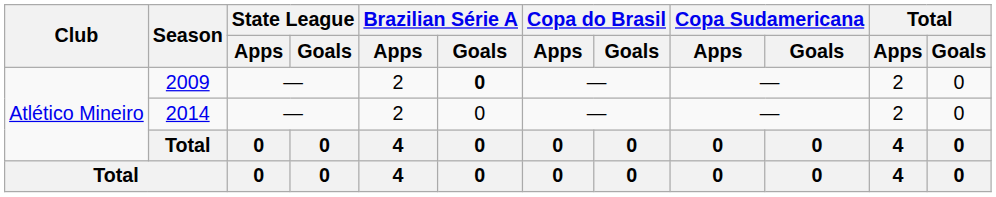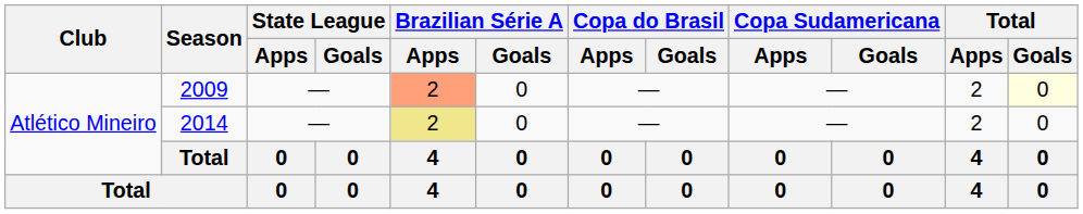 <table class="wikitable" style="text-align: center;">
 <tr>
 <th rowspan="2">Club</th>
 <th rowspan="2">Season</th>
 <th colspan="2">State League</th>
 <th colspan="2"><a href='#'>Brazilian Série A</a></th>
 <th colspan="2"><a href='#'>Copa do Brasil</a></th>
 <th colspan="2"><a href='#'>Copa Sudamericana</a></th>
 <th colspan="2">Total</th>
 </tr>
 <tr>
 <th>Apps</th>
 <th>Goals</th>
 <th>Apps</th>
 <th>Goals</th>
 <th>Apps</th>
 <th>Goals</th>
 <th>Apps</th>
 <th>Goals</th>
 <th>Apps</th>
 <th>Goals</th>
 </tr>
 <tr>
 <td rowspan="3" valign="center"><a href='#'>Atlético Mineiro</a></td>
 <td><a href='#'>2009</a></td>
 <td colspan="2">—</td>
-<td>2</td>
-<td><strong>0</strong></td>
+<td style="background: lightsalmon;">2</td>
+<td>0</td>
 <td colspan="2">—</td>
 <td colspan="2">—</td>
 <td>2</td>
-<td>0</td>
+<td style="background: lightyellow;">0</td>
 </tr>
 <tr>
 <td><a href='#'>2014</a></td>
 <td colspan="2">—</td>
-<td>2</td>
+<td style="background: khaki;">2</td>
 <td>0</td>
 <td colspan="2">—</td>
 <td colspan="2">—</td>
 <td>2</td>
 <td>0</td>
 </tr>
 <tr>
 <th><strong>Total</strong></th>
 <th>0</th>
 <th>0</th>
 <th>4</th>
 <th>0</th>
 <th>0</th>
 <th>0</th>
 <th>0</th>
 <th>0</th>
 <th>4</th>
 <th>0</th>
 </tr>
 <tr>
 <th colspan="2"><strong>Total</strong></th>
 <th>0</th>
 <th>0</th>
 <th>4</th>
 <th>0</th>
 <th>0</th>
 <th>0</th>
 <th>0</th>
 <th>0</th>
 <th>4</th>
 <th>0</th>
 </tr>
 </table>
